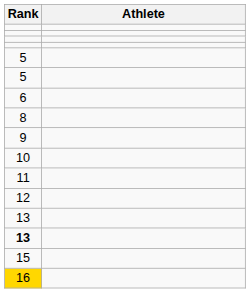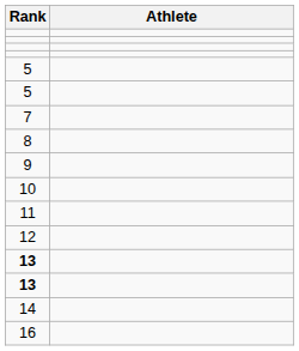 <table class="wikitable" style="text-align: center;">
 <tr>
 <th width=40>Rank</th>
 <th width=250>Athlete</th>
 </tr>
 <tr>
 <td></td>
 <td align="left"></td>
 </tr>
 <tr>
 <td></td>
 <td align="left"></td>
 </tr>
 <tr>
 <td></td>
 <td align="left"></td>
 </tr>
 <tr>
 <td></td>
 <td align="left"></td>
 </tr>
 <tr>
 <td>5</td>
 <td align="left"></td>
 </tr>
 <tr>
 <td>5</td>
 <td align="left"></td>
 </tr>
 <tr>
-<td>6</td>
+<td>7</td>
 <td align="left"></td>
 </tr>
 <tr>
 <td>8</td>
 <td align="left"></td>
 </tr>
 <tr>
 <td>9</td>
 <td align="left"></td>
 </tr>
 <tr>
 <td>10</td>
 <td align="left"></td>
 </tr>
 <tr>
 <td>11</td>
 <td align="left"></td>
 </tr>
 <tr>
 <td>12</td>
 <td align="left"></td>
 </tr>
 <tr>
-<td>13</td>
+<td><strong>13</strong></td>
 <td align="left"></td>
 </tr>
 <tr>
 <td><strong>13</strong></td>
 <td align="left"></td>
 </tr>
 <tr>
-<td>15</td>
+<td>14</td>
 <td align="left"></td>
 </tr>
 <tr>
-<td style="background: gold;">16</td>
+<td>16</td>
 <td align="left"></td>
 </tr>
 </table>
